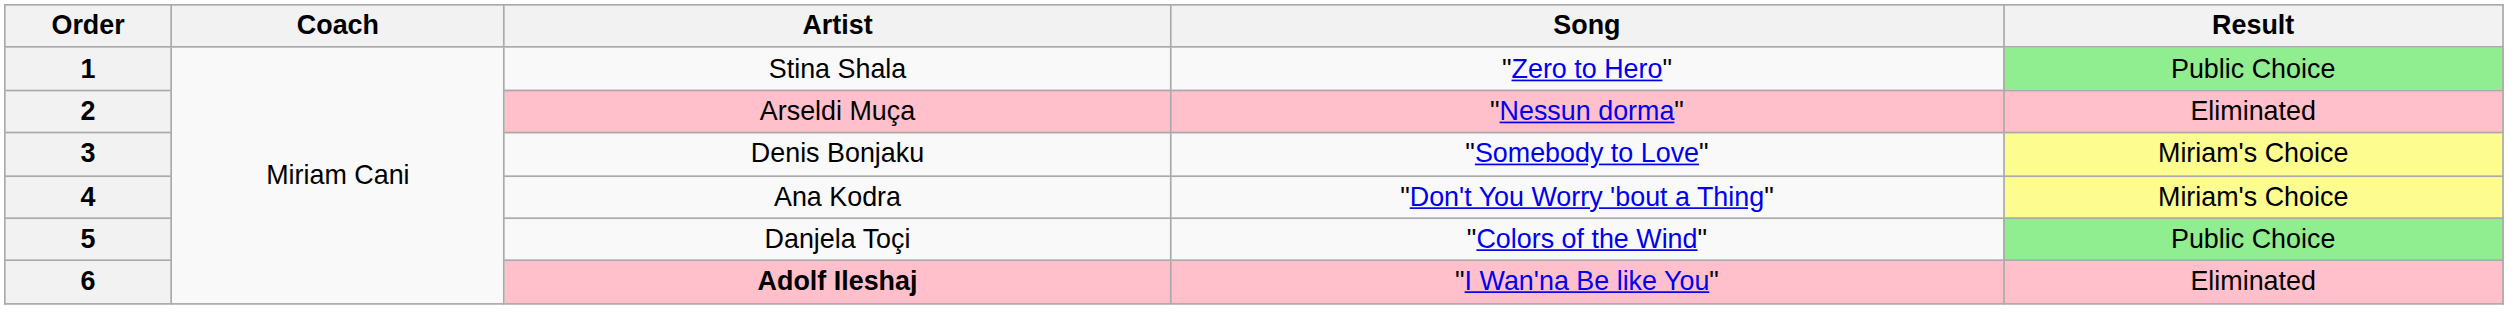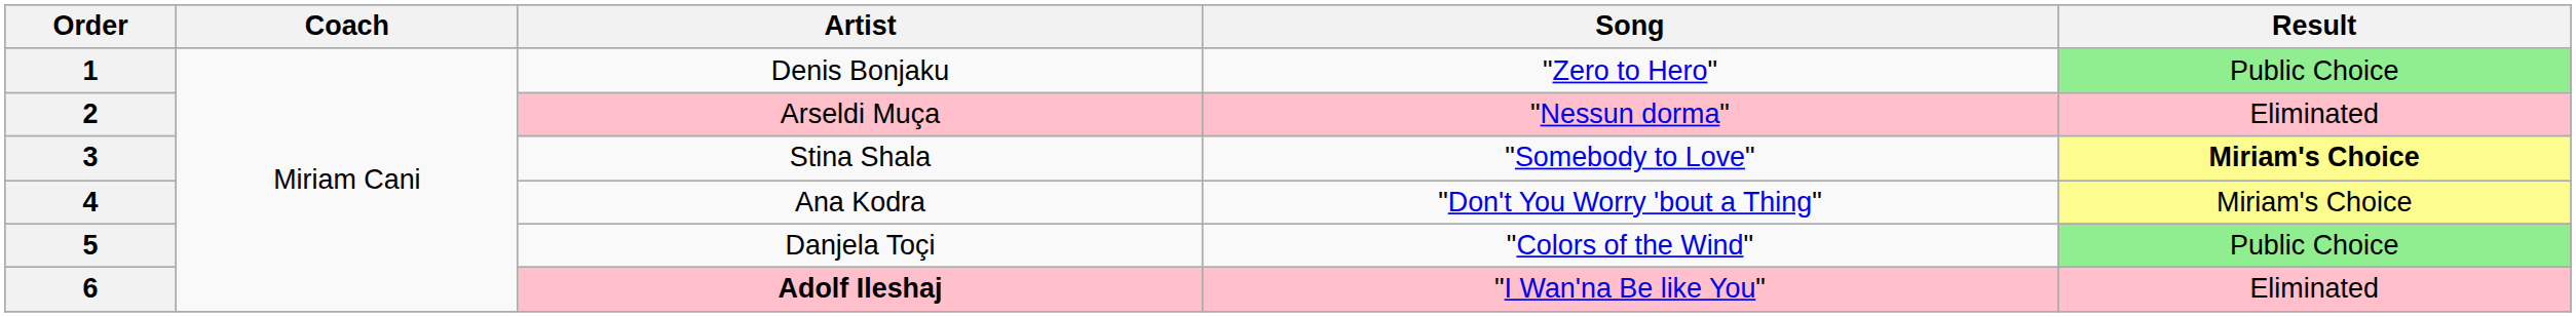 <table class="wikitable" style="text-align:center; width:75%;">
 <tr>
 <th width="05%">Order</th>
 <th width="10%">Coach</th>
 <th width="20%">Artist</th>
 <th width="25%">Song</th>
 <th width="15%">Result</th>
 </tr>
 <tr>
 <th>1</th>
 <td rowspan="6">Miriam Cani</td>
-<td>Stina Shala</td>
+<td>Denis Bonjaku</td>
 <td>"<a href='#'>Zero to Hero</a>"</td>
 <td style="background-color:lightgreen;">Public Choice</td>
 </tr>
 <tr>
 <th>2</th>
 <td style="background-color:pink;">Arseldi Muça</td>
 <td style="background-color:pink;">"<a href='#'>Nessun dorma</a>"</td>
 <td style="background-color:pink;">Eliminated</td>
 </tr>
 <tr>
 <th>3</th>
-<td>Denis Bonjaku</td>
+<td>Stina Shala</td>
 <td>"<a href='#'>Somebody to Love</a>"</td>
-<td style="background-color:#fdfc8f;">Miriam's Choice</td>
+<td style="background-color:#fdfc8f;"><strong>Miriam's Choice</strong></td>
 </tr>
 <tr>
 <th>4</th>
 <td>Ana Kodra</td>
 <td>"<a href='#'>Don't You Worry 'bout a Thing</a>"</td>
 <td style="background-color:#fdfc8f;">Miriam's Choice</td>
 </tr>
 <tr>
 <th>5</th>
 <td>Danjela Toçi</td>
 <td>"<a href='#'>Colors of the Wind</a>"</td>
 <td style="background-color:lightgreen;">Public Choice</td>
 </tr>
 <tr>
 <th>6</th>
 <td style="background-color:pink;"><strong>Adolf Ileshaj</strong></td>
 <td style="background-color:pink;">"<a href='#'>I Wan'na Be like You</a>"</td>
 <td style="background-color:pink;">Eliminated</td>
 </tr>
 </table>
